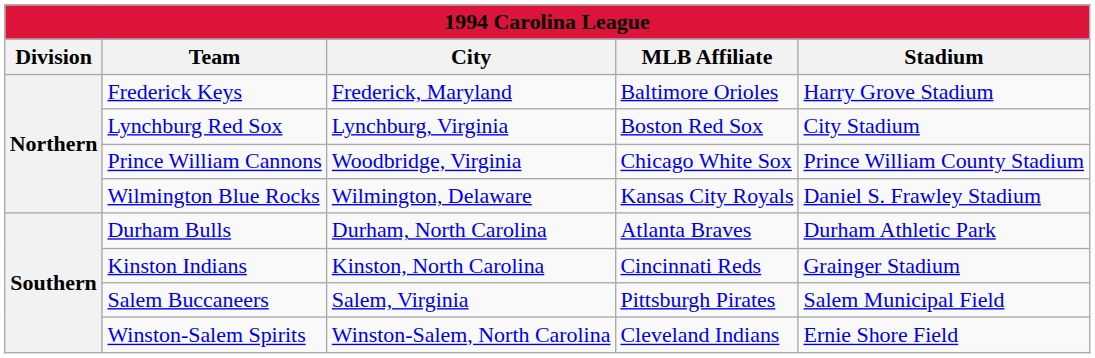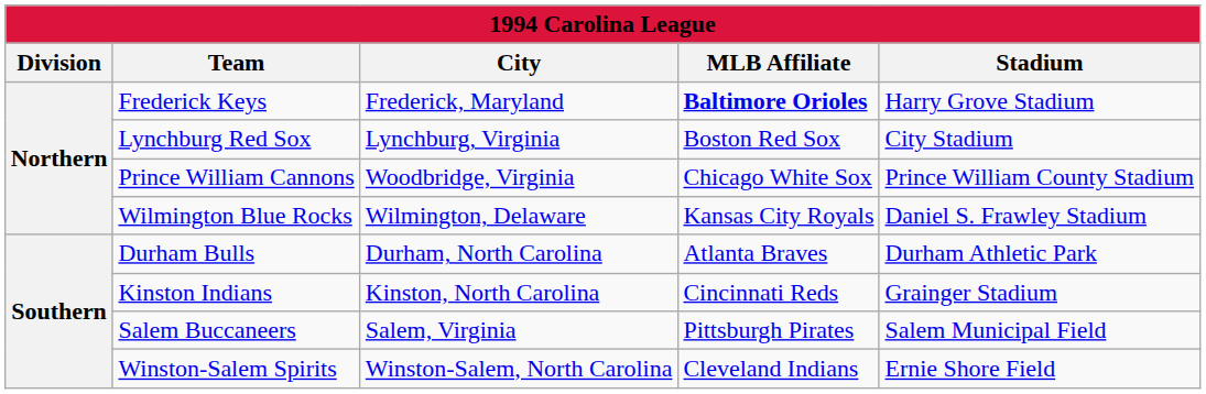 <table class="wikitable" style="width:auto">
 <tr>
 <td bgcolor="#DC143C" align="center" colspan="7"><strong><span>1994 Carolina League</span></strong></td>
 </tr>
 <tr>
 <th>Division</th>
 <th>Team</th>
 <th>City</th>
 <th>MLB Affiliate</th>
 <th>Stadium</th>
 </tr>
 <tr>
 <th rowspan="4">Northern</th>
 <td><a href='#'>Frederick Keys</a></td>
 <td><a href='#'>Frederick, Maryland</a></td>
-<td><a href='#'>Baltimore Orioles</a></td>
+<td><strong><a href='#'>Baltimore Orioles</a></strong></td>
 <td><a href='#'>Harry Grove Stadium</a></td>
 </tr>
 <tr>
 <td><a href='#'>Lynchburg Red Sox</a></td>
 <td><a href='#'>Lynchburg, Virginia</a></td>
 <td><a href='#'>Boston Red Sox</a></td>
 <td><a href='#'>City Stadium</a></td>
 </tr>
 <tr>
 <td><a href='#'>Prince William Cannons</a></td>
 <td><a href='#'>Woodbridge, Virginia</a></td>
 <td><a href='#'>Chicago White Sox</a></td>
 <td><a href='#'>Prince William County Stadium</a></td>
 </tr>
 <tr>
 <td><a href='#'>Wilmington Blue Rocks</a></td>
 <td><a href='#'>Wilmington, Delaware</a></td>
 <td><a href='#'>Kansas City Royals</a></td>
 <td><a href='#'>Daniel S. Frawley Stadium</a></td>
 </tr>
 <tr>
 <th rowspan="4">Southern</th>
 <td><a href='#'>Durham Bulls</a></td>
 <td><a href='#'>Durham, North Carolina</a></td>
 <td><a href='#'>Atlanta Braves</a></td>
 <td><a href='#'>Durham Athletic Park</a></td>
 </tr>
 <tr>
 <td><a href='#'>Kinston Indians</a></td>
 <td><a href='#'>Kinston, North Carolina</a></td>
 <td><a href='#'>Cincinnati Reds</a></td>
 <td><a href='#'>Grainger Stadium</a></td>
 </tr>
 <tr>
 <td><a href='#'>Salem Buccaneers</a></td>
 <td><a href='#'>Salem, Virginia</a></td>
 <td><a href='#'>Pittsburgh Pirates</a></td>
 <td><a href='#'>Salem Municipal Field</a></td>
 </tr>
 <tr>
 <td><a href='#'>Winston-Salem Spirits</a></td>
 <td><a href='#'>Winston-Salem, North Carolina</a></td>
 <td><a href='#'>Cleveland Indians</a></td>
 <td><a href='#'>Ernie Shore Field</a></td>
 </tr>
 </table>
